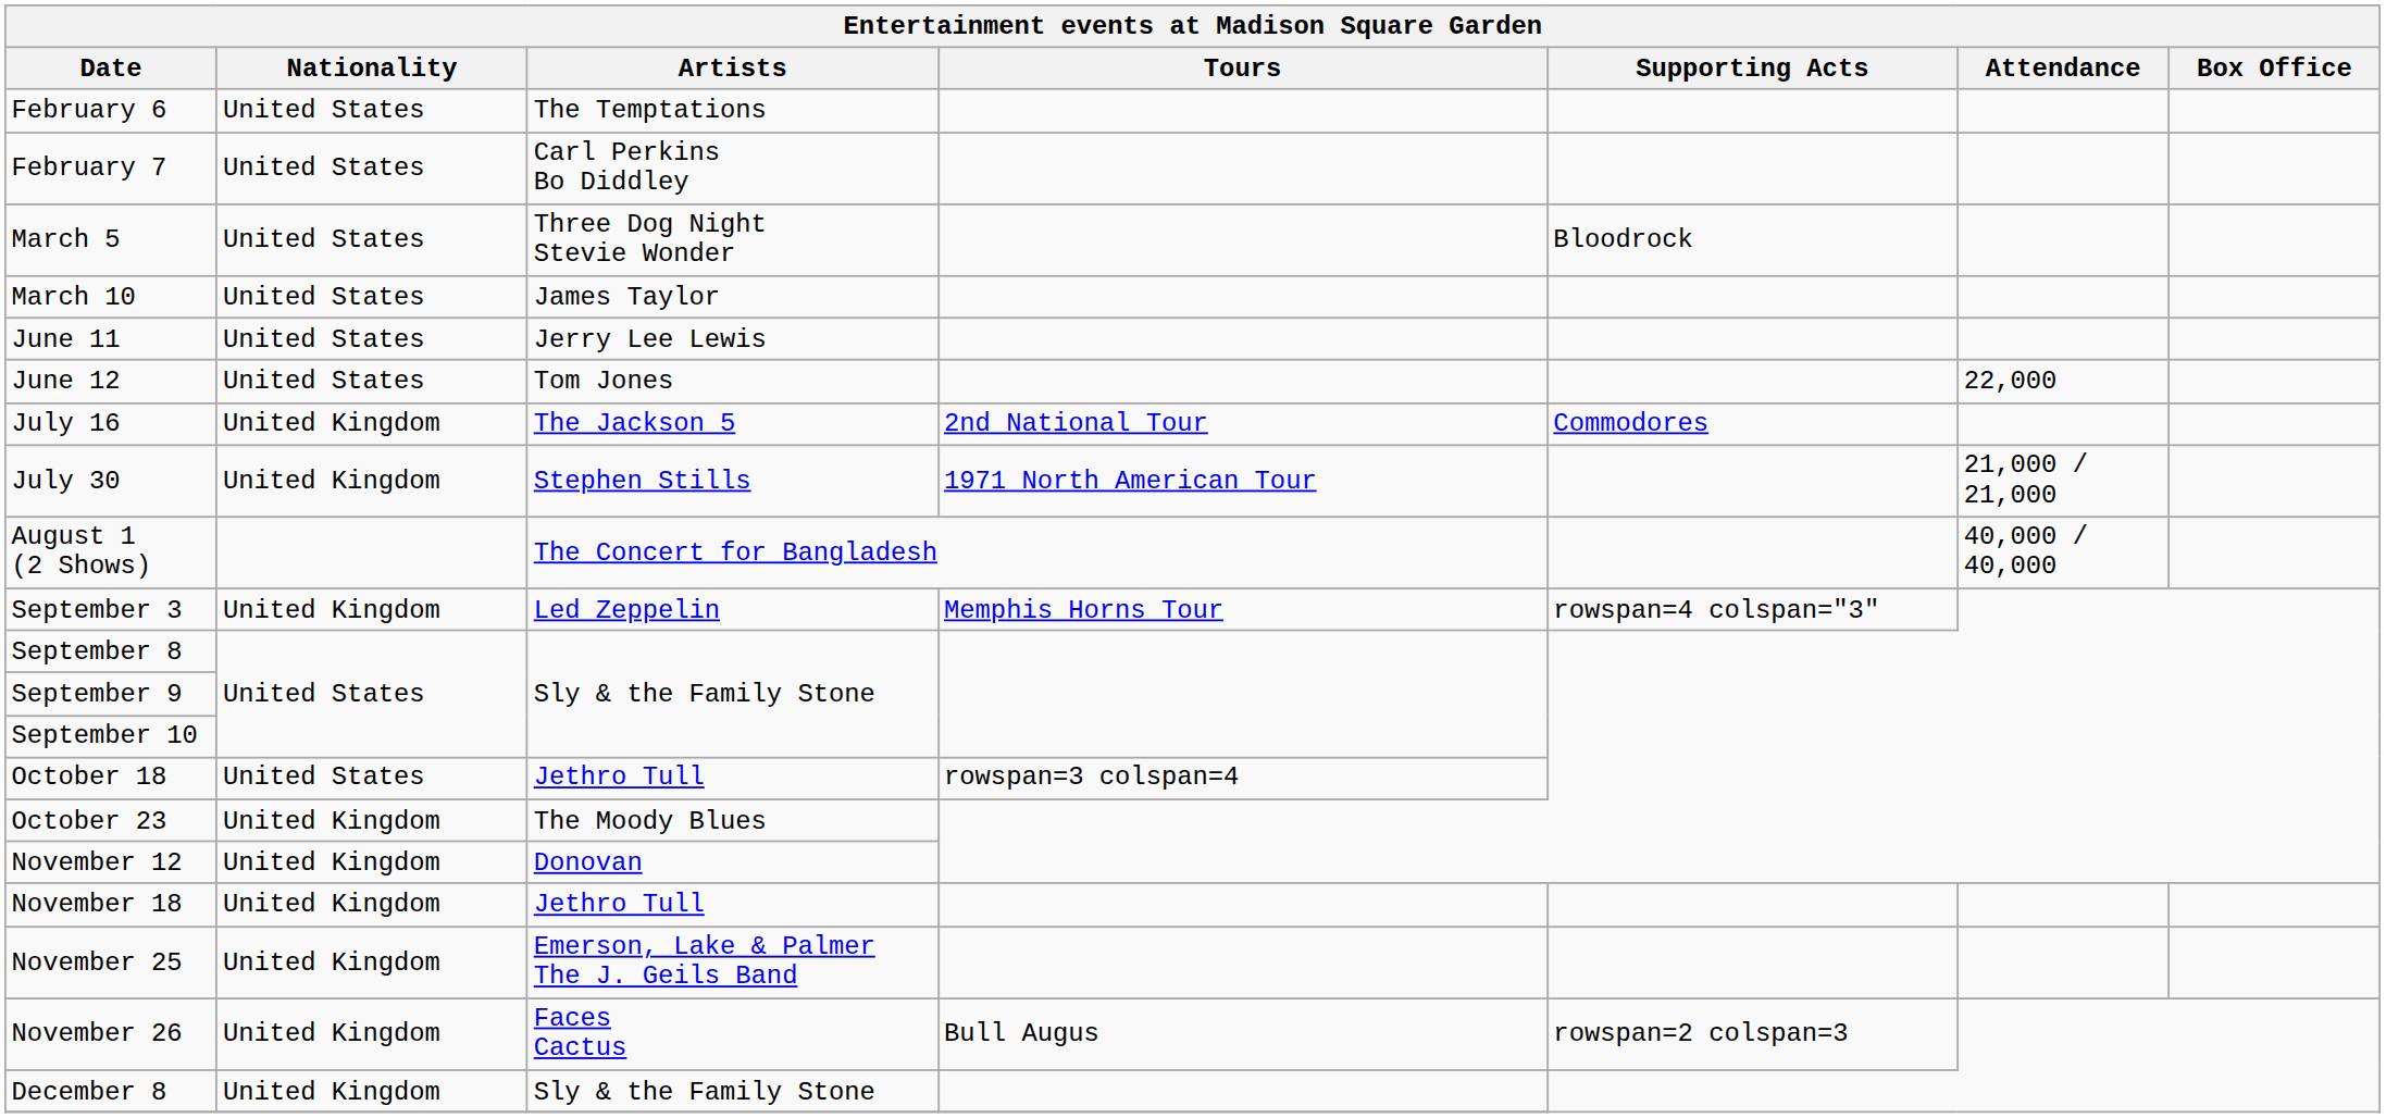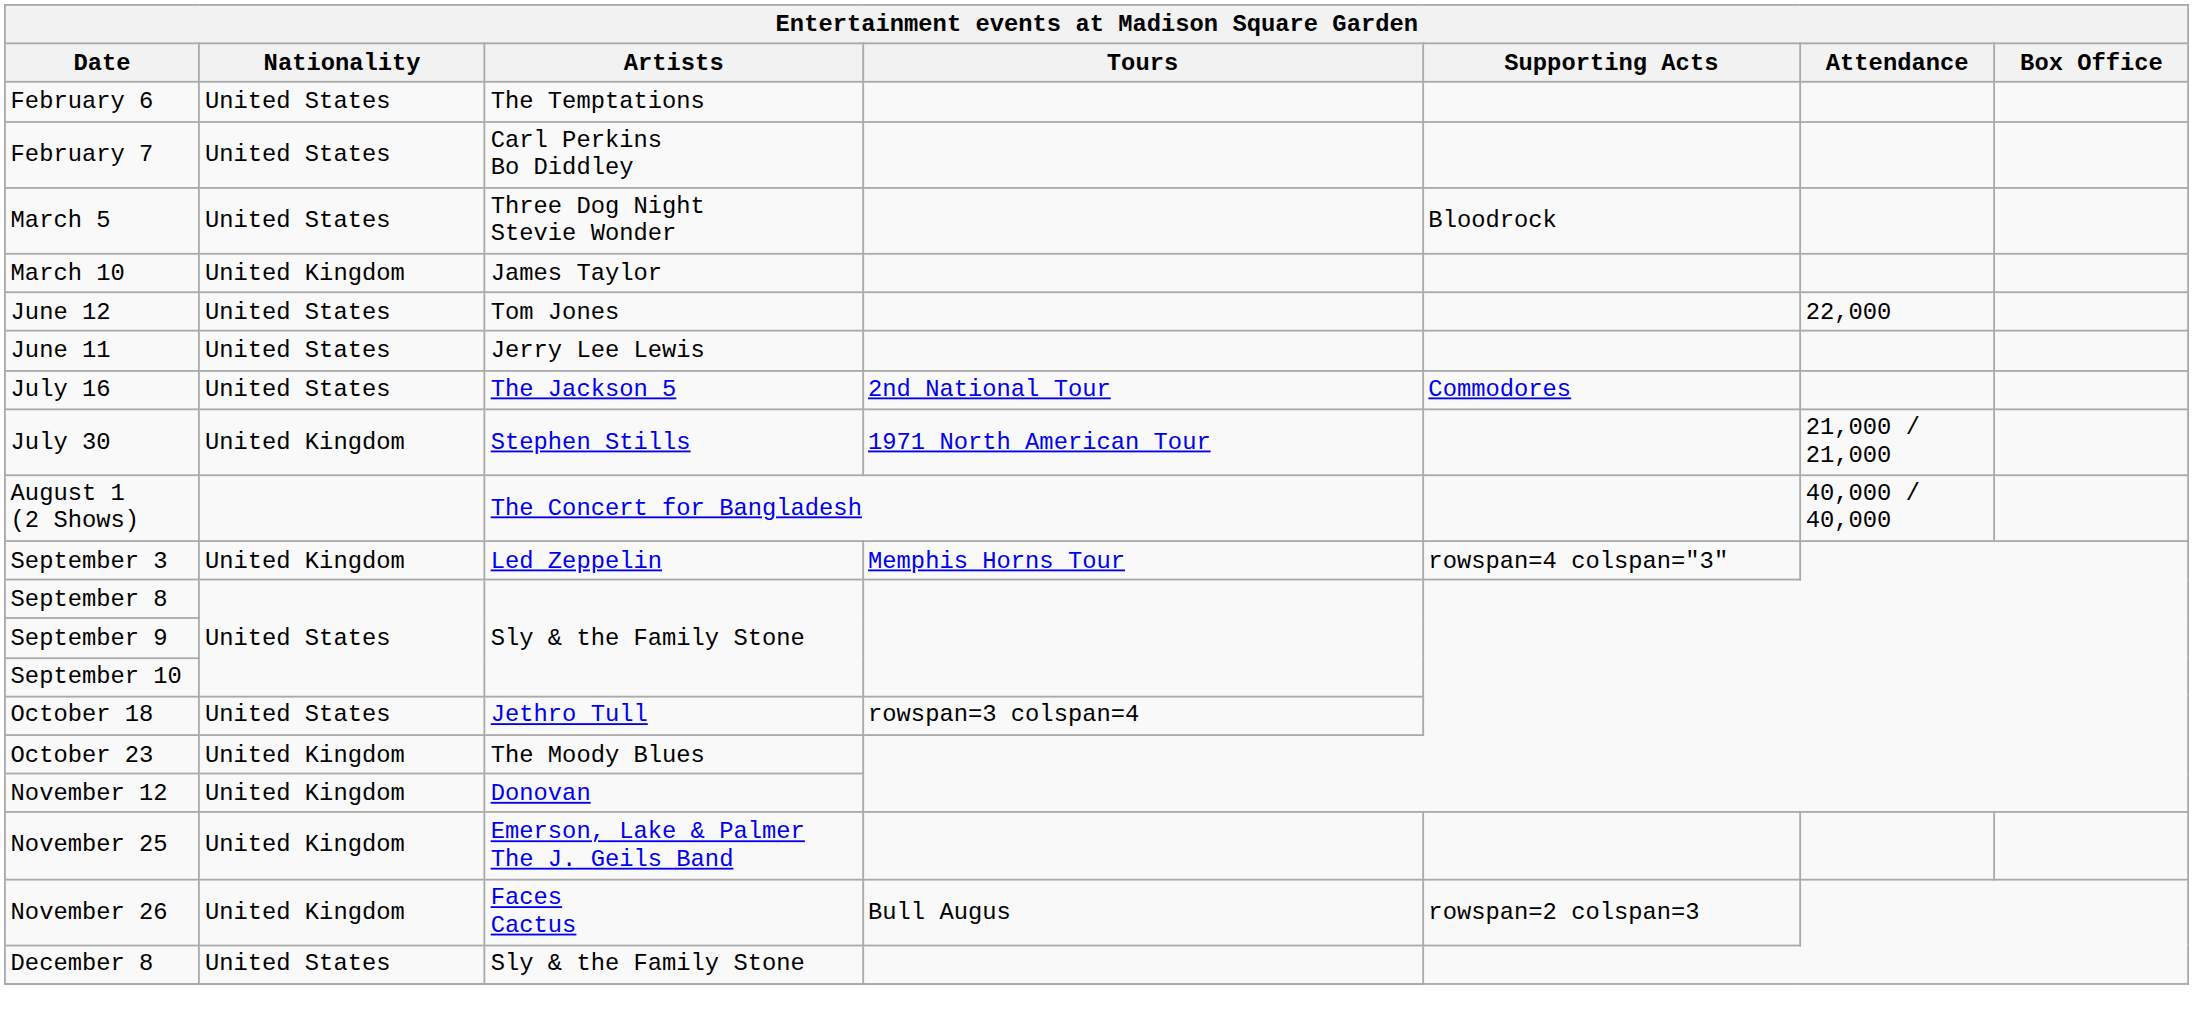 <table class="wikitable">
 <tr>
 <th colspan="7">Entertainment events at Madison Square Garden</th>
 </tr>
 <tr>
 <th width=100>Date</th>
 <th width=150>Nationality</th>
 <th width=200>Artists</th>
 <th width=300>Tours</th>
 <th width=200>Supporting Acts</th>
 <th width=100>Attendance</th>
 <th width=100>Box Office</th>
 </tr>
 <tr>
 <td>February 6</td>
 <td>United States</td>
 <td>The Temptations</td>
 <td></td>
 <td></td>
 <td></td>
 <td></td>
 </tr>
 <tr>
 <td>February 7</td>
 <td>United States</td>
 <td>Carl Perkins<br>Bo Diddley</td>
 <td></td>
 <td></td>
 <td></td>
 <td></td>
 </tr>
 <tr>
 <td>March 5</td>
 <td>United States</td>
 <td>Three Dog Night<br>Stevie Wonder</td>
 <td></td>
 <td>Bloodrock</td>
 <td></td>
 <td></td>
 </tr>
 <tr>
 <td>March 10</td>
-<td>United States</td>
+<td>United Kingdom</td>
 <td>James Taylor</td>
-<td></td>
-<td></td>
-<td></td>
-<td></td>
-</tr>
-<tr>
-<td>June 11</td>
-<td>United States</td>
-<td>Jerry Lee Lewis</td>
 <td></td>
 <td></td>
 <td></td>
 <td></td>
 </tr>
 <tr>
 <td>June 12</td>
 <td>United States</td>
 <td>Tom Jones</td>
 <td></td>
 <td></td>
 <td>22,000</td>
 <td></td>
 </tr>
 <tr>
+<td>June 11</td>
+<td>United States</td>
+<td>Jerry Lee Lewis</td>
+<td></td>
+<td></td>
+<td></td>
+<td></td>
+</tr>
+<tr>
 <td>July 16</td>
-<td>United Kingdom</td>
+<td>United States</td>
 <td><a href='#'>The Jackson 5</a></td>
 <td><a href='#'>2nd National Tour</a></td>
 <td><a href='#'>Commodores</a></td>
 <td></td>
 <td></td>
 </tr>
 <tr>
 <td>July 30</td>
 <td>United Kingdom</td>
 <td><a href='#'>Stephen Stills</a></td>
 <td><a href='#'>1971 North American Tour</a></td>
 <td></td>
 <td>21,000 / 21,000</td>
 <td></td>
 </tr>
 <tr>
 <td>August 1<br>(2 Shows)</td>
 <td></td>
 <td colspan="2"><a href='#'>The Concert for Bangladesh</a></td>
 <td></td>
 <td>40,000 / 40,000</td>
 <td></td>
 </tr>
 <tr>
 <td>September 3</td>
 <td>United Kingdom</td>
 <td><a href='#'>Led Zeppelin</a></td>
 <td><a href='#'>Memphis Horns Tour</a></td>
 <td>rowspan=4 colspan="3" </td>
 </tr>
 <tr>
 <td>September 8</td>
 <td rowspan="3">United States</td>
 <td rowspan="3">Sly & the Family Stone</td>
 <td rowspan="3"></td>
 </tr>
 <tr>
 <td>September 9</td>
 </tr>
 <tr>
 <td>September 10</td>
 </tr>
 <tr>
 <td>October 18</td>
 <td>United States</td>
 <td><a href='#'>Jethro Tull</a></td>
 <td>rowspan=3 colspan=4 </td>
 </tr>
 <tr>
 <td>October 23</td>
 <td>United Kingdom</td>
 <td>The Moody Blues</td>
 </tr>
 <tr>
 <td>November 12</td>
 <td>United Kingdom</td>
 <td><a href='#'>Donovan</a></td>
 </tr>
 <tr>
-<td>November 18</td>
-<td>United Kingdom</td>
-<td><a href='#'>Jethro Tull</a></td>
-<td></td>
-<td></td>
-<td></td>
-<td></td>
-</tr>
-<tr>
 <td>November 25</td>
 <td>United Kingdom</td>
 <td><a href='#'>Emerson, Lake & Palmer</a><br> <a href='#'>The J. Geils Band</a></td>
 <td></td>
 <td></td>
 <td></td>
 <td></td>
 </tr>
 <tr>
 <td>November 26</td>
 <td>United Kingdom</td>
 <td><a href='#'>Faces</a><br><a href='#'>Cactus</a></td>
 <td>Bull Augus</td>
 <td>rowspan=2 colspan=3 </td>
 </tr>
 <tr>
 <td>December 8</td>
-<td>United Kingdom</td>
+<td>United States</td>
 <td>Sly & the Family Stone</td>
 <td></td>
 </tr>
 <tr>
 </tr>
 </table>
